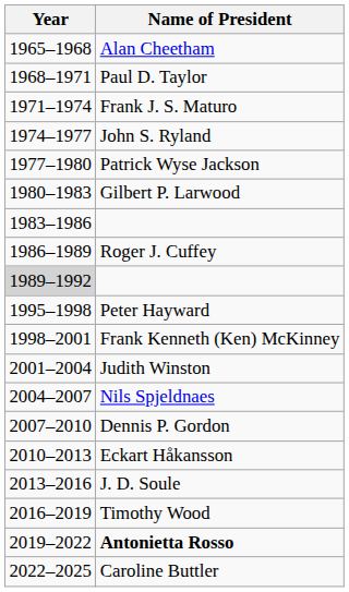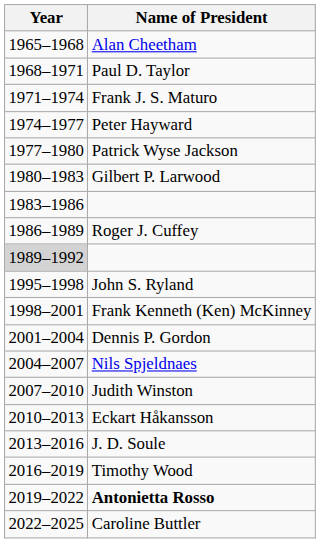 <table class="wikitable">
 <tr>
 <th>Year</th>
 <th>Name of President</th>
 </tr>
 <tr>
 <td>1965–1968</td>
 <td><a href='#'>Alan Cheetham</a></td>
 </tr>
 <tr>
 <td>1968–1971</td>
 <td>Paul D. Taylor</td>
 </tr>
 <tr>
 <td>1971–1974</td>
 <td>Frank J. S. Maturo</td>
 </tr>
 <tr>
 <td>1974–1977</td>
-<td>John S. Ryland</td>
+<td>Peter Hayward</td>
 </tr>
 <tr>
 <td>1977–1980</td>
 <td>Patrick Wyse Jackson</td>
 </tr>
 <tr>
 <td>1980–1983</td>
 <td>Gilbert P. Larwood</td>
 </tr>
 <tr>
 <td>1983–1986</td>
 <td></td>
 </tr>
 <tr>
 <td>1986–1989</td>
 <td>Roger J. Cuffey</td>
 </tr>
 <tr>
 <td style="background: lightgrey;">1989–1992</td>
 <td></td>
 </tr>
 <tr>
 <td>1995–1998</td>
-<td>Peter Hayward</td>
+<td>John S. Ryland</td>
 </tr>
 <tr>
 <td>1998–2001</td>
 <td>Frank Kenneth (Ken) McKinney</td>
 </tr>
 <tr>
 <td>2001–2004</td>
-<td>Judith Winston</td>
+<td>Dennis P. Gordon</td>
 </tr>
 <tr>
 <td>2004–2007</td>
 <td><a href='#'>Nils Spjeldnaes</a></td>
 </tr>
 <tr>
 <td>2007–2010</td>
-<td>Dennis P. Gordon</td>
+<td>Judith Winston</td>
 </tr>
 <tr>
 <td>2010–2013</td>
 <td>Eckart Håkansson</td>
 </tr>
 <tr>
 <td>2013–2016</td>
 <td>J. D. Soule</td>
 </tr>
 <tr>
 <td>2016–2019</td>
 <td>Timothy Wood</td>
 </tr>
 <tr>
 <td>2019–2022</td>
 <td><strong>Antonietta Rosso</strong></td>
 </tr>
 <tr>
 <td>2022–2025</td>
 <td>Caroline Buttler</td>
 </tr>
 </table>
